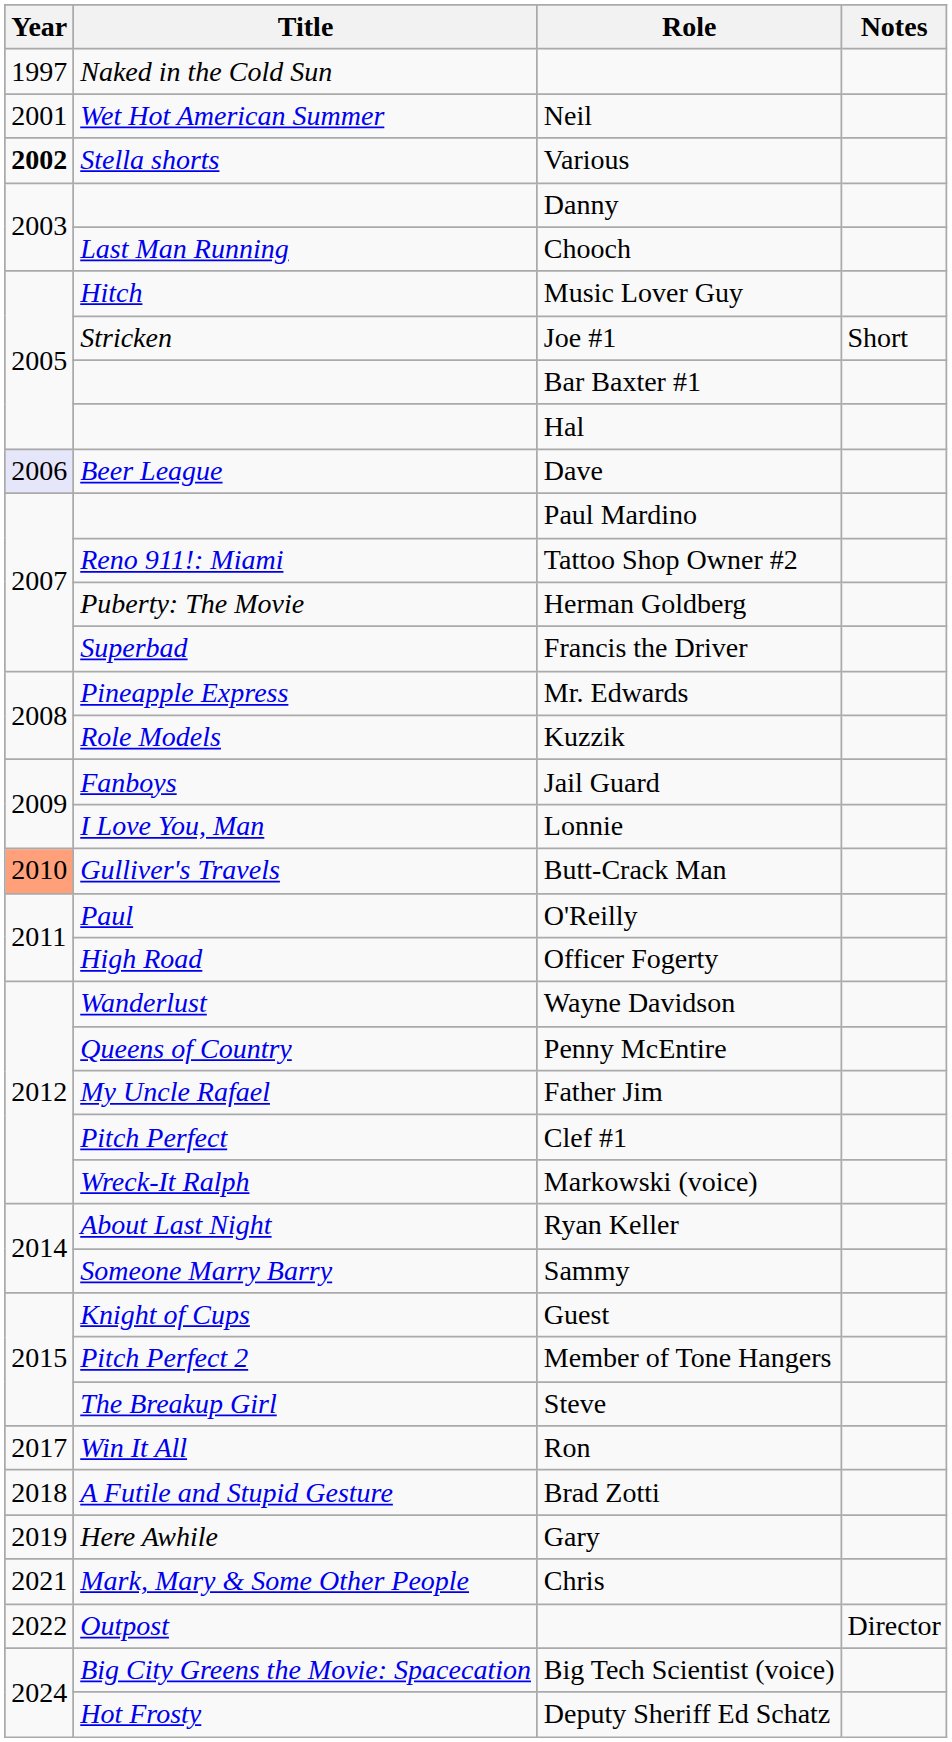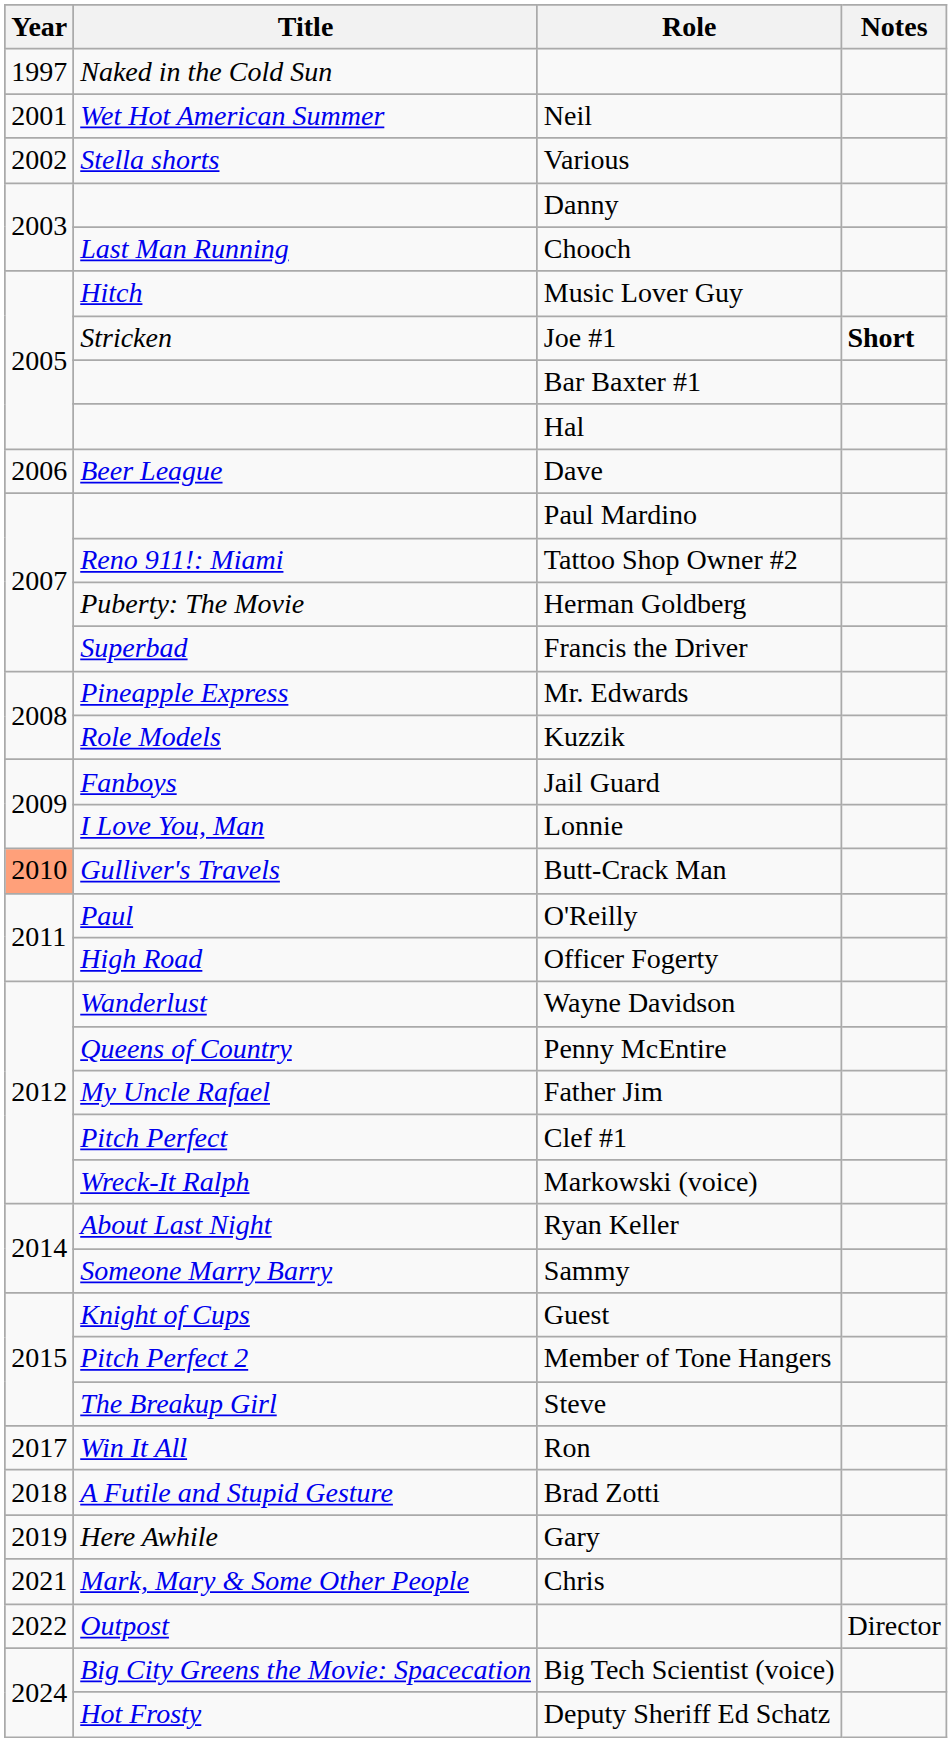 <table class="wikitable sortable">
 <tr>
 <th>Year</th>
 <th>Title</th>
 <th>Role</th>
 <th>Notes</th>
 </tr>
 <tr>
 <td>1997</td>
 <td><em>Naked in the Cold Sun</em></td>
 <td></td>
 <td></td>
 </tr>
 <tr>
 <td>2001</td>
 <td><em><a href='#'>Wet Hot American Summer</a></em></td>
 <td>Neil</td>
 <td></td>
 </tr>
 <tr>
-<td><strong>2002</strong></td>
+<td>2002</td>
 <td><em><a href='#'>Stella shorts</a></em></td>
 <td>Various</td>
 <td></td>
 </tr>
 <tr>
 <td rowspan="2">2003</td>
 <td><em></em></td>
 <td>Danny</td>
 <td></td>
 </tr>
 <tr>
 <td><em><a href='#'>Last Man Running</a></em></td>
 <td>Chooch</td>
 <td></td>
 </tr>
 <tr>
 <td rowspan="4">2005</td>
 <td><em><a href='#'>Hitch</a></em></td>
 <td>Music Lover Guy</td>
 <td></td>
 </tr>
 <tr>
 <td><em>Stricken</em></td>
 <td>Joe #1</td>
-<td>Short</td>
+<td><strong>Short</strong></td>
 </tr>
 <tr>
 <td><em></em></td>
 <td>Bar Baxter #1</td>
 <td></td>
 </tr>
 <tr>
 <td><em></em></td>
 <td>Hal</td>
 <td></td>
 </tr>
 <tr>
-<td style="background: lavender;">2006</td>
+<td>2006</td>
 <td><em><a href='#'>Beer League</a></em></td>
 <td>Dave</td>
 <td></td>
 </tr>
 <tr>
 <td rowspan="4">2007</td>
 <td><em></em></td>
 <td>Paul Mardino</td>
 <td></td>
 </tr>
 <tr>
 <td><em><a href='#'>Reno 911!: Miami</a></em></td>
 <td>Tattoo Shop Owner #2</td>
 <td></td>
 </tr>
 <tr>
 <td><em>Puberty: The Movie</em></td>
 <td>Herman Goldberg</td>
 <td></td>
 </tr>
 <tr>
 <td><em><a href='#'>Superbad</a></em></td>
 <td>Francis the Driver</td>
 <td></td>
 </tr>
 <tr>
 <td rowspan="2">2008</td>
 <td><em><a href='#'>Pineapple Express</a></em></td>
 <td>Mr. Edwards</td>
 <td></td>
 </tr>
 <tr>
 <td><em><a href='#'>Role Models</a></em></td>
 <td>Kuzzik</td>
 <td></td>
 </tr>
 <tr>
 <td rowspan="2">2009</td>
 <td><em><a href='#'>Fanboys</a></em></td>
 <td>Jail Guard</td>
 <td></td>
 </tr>
 <tr>
 <td><em><a href='#'>I Love You, Man</a></em></td>
 <td>Lonnie</td>
 <td></td>
 </tr>
 <tr>
 <td style="background: lightsalmon;">2010</td>
 <td><em><a href='#'>Gulliver's Travels</a></em></td>
 <td>Butt-Crack Man</td>
 <td></td>
 </tr>
 <tr>
 <td rowspan="2">2011</td>
 <td><em><a href='#'>Paul</a></em></td>
 <td>O'Reilly</td>
 <td></td>
 </tr>
 <tr>
 <td><em><a href='#'>High Road</a></em></td>
 <td>Officer Fogerty</td>
 <td></td>
 </tr>
 <tr>
 <td rowspan="5">2012</td>
 <td><em><a href='#'>Wanderlust</a></em></td>
 <td>Wayne Davidson</td>
 <td></td>
 </tr>
 <tr>
 <td><em><a href='#'>Queens of Country</a></em></td>
 <td>Penny McEntire</td>
 <td></td>
 </tr>
 <tr>
 <td><em><a href='#'>My Uncle Rafael</a></em></td>
 <td>Father Jim</td>
 <td></td>
 </tr>
 <tr>
 <td><em><a href='#'>Pitch Perfect</a></em></td>
 <td>Clef #1</td>
 <td></td>
 </tr>
 <tr>
 <td><em><a href='#'>Wreck-It Ralph</a></em></td>
 <td>Markowski (voice)</td>
 <td></td>
 </tr>
 <tr>
 <td rowspan="2">2014</td>
 <td><em><a href='#'>About Last Night</a></em></td>
 <td>Ryan Keller</td>
 <td></td>
 </tr>
 <tr>
 <td><em><a href='#'>Someone Marry Barry</a></em></td>
 <td>Sammy</td>
 <td></td>
 </tr>
 <tr>
 <td rowspan="3">2015</td>
 <td><em><a href='#'>Knight of Cups</a></em></td>
 <td>Guest</td>
 <td></td>
 </tr>
 <tr>
 <td><em><a href='#'>Pitch Perfect 2</a></em></td>
 <td>Member of Tone Hangers</td>
 <td></td>
 </tr>
 <tr>
 <td><em><a href='#'>The Breakup Girl</a></em></td>
 <td>Steve</td>
 <td></td>
 </tr>
 <tr>
 <td>2017</td>
 <td><em><a href='#'>Win It All</a></em></td>
 <td>Ron</td>
 <td></td>
 </tr>
 <tr>
 <td>2018</td>
 <td><em><a href='#'>A Futile and Stupid Gesture</a></em></td>
 <td>Brad Zotti</td>
 <td></td>
 </tr>
 <tr>
 <td>2019</td>
 <td><em>Here Awhile</em></td>
 <td>Gary</td>
 <td></td>
 </tr>
 <tr>
 <td>2021</td>
 <td><em><a href='#'>Mark, Mary & Some Other People</a></em></td>
 <td>Chris</td>
 <td></td>
 </tr>
 <tr>
 <td>2022</td>
 <td><em><a href='#'>Outpost</a></em></td>
 <td></td>
 <td>Director</td>
 </tr>
 <tr>
 <td rowspan="2">2024</td>
 <td><em><a href='#'>Big City Greens the Movie: Spacecation</a></em></td>
 <td>Big Tech Scientist (voice)</td>
 <td></td>
 </tr>
 <tr>
 <td><em><a href='#'>Hot Frosty</a></em></td>
 <td>Deputy Sheriff Ed Schatz</td>
 <td></td>
 </tr>
 </table>
